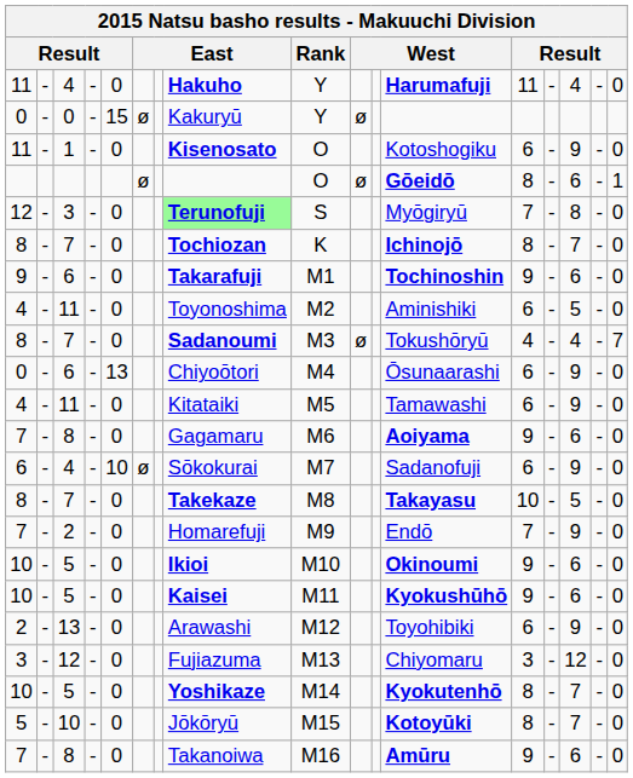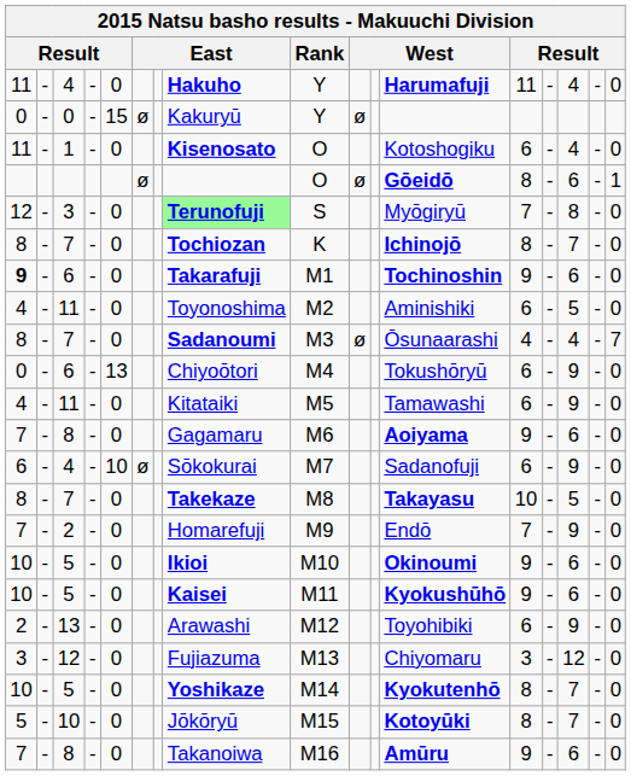 <table class="wikitable">
 <tr>
 <th colspan="17">2015 Natsu basho results - Makuuchi Division</th>
 </tr>
 <tr>
 <th colspan="5">Result</th>
 <th colspan="3">East</th>
 <th>Rank</th>
 <th colspan="3">West</th>
 <th colspan="5">Result</th>
 </tr>
 <tr>
 <td align=center>11</td>
 <td align=center>-</td>
 <td align=center>4</td>
 <td align=center>-</td>
 <td align=center>0</td>
 <td align=center></td>
 <td align=center></td>
 <td><strong><a href='#'>Hakuho</a></strong></td>
 <td align=center>Y</td>
 <td align=center></td>
 <td align=center></td>
 <td><strong><a href='#'>Harumafuji</a></strong></td>
 <td align=center>11</td>
 <td align=center>-</td>
 <td align=center>4</td>
 <td align=center>-</td>
 <td align=center>0</td>
 </tr>
 <tr>
 <td align=center>0</td>
 <td align=center>-</td>
 <td align=center>0</td>
 <td align=center>-</td>
 <td align=center>15</td>
 <td align=center>ø</td>
 <td align=center></td>
 <td><a href='#'>Kakuryū</a></td>
 <td align=center>Y</td>
 <td align=center>ø</td>
 <td align=center></td>
 <td></td>
 <td align=center></td>
 <td align=center></td>
 <td align=center></td>
 <td align=center></td>
 <td align=center></td>
 </tr>
 <tr>
 <td align=center>11</td>
 <td align=center>-</td>
 <td align=center>1</td>
 <td align=center>-</td>
 <td align=center>0</td>
 <td align=center></td>
 <td align=center></td>
 <td><strong><a href='#'>Kisenosato</a></strong></td>
 <td align=center>O</td>
 <td align=center></td>
 <td align=center></td>
 <td><a href='#'>Kotoshogiku</a></td>
 <td align=center>6</td>
 <td align=center>-</td>
-<td align=center>9</td>
+<td align=center>4</td>
 <td align=center>-</td>
 <td align=center>0</td>
 </tr>
 <tr>
 <td align=center></td>
 <td align=center></td>
 <td align=center></td>
 <td align=center></td>
 <td align=center></td>
 <td align=center>ø</td>
 <td align=center></td>
 <td></td>
 <td align=center>O</td>
 <td align=center>ø</td>
 <td align=center></td>
 <td><strong><a href='#'>Gōeidō</a></strong></td>
 <td align=center>8</td>
 <td align=center>-</td>
 <td align=center>6</td>
 <td align=center>-</td>
 <td align=center>1</td>
 </tr>
 <tr>
 <td align=center>12</td>
 <td align=center>-</td>
 <td align=center>3</td>
 <td align=center>-</td>
 <td align=center>0</td>
 <td align=center></td>
 <td align=center></td>
 <td style="background: PaleGreen;"><strong><a href='#'>Terunofuji</a></strong></td>
 <td align=center>S</td>
 <td align=center></td>
 <td align=center></td>
 <td><a href='#'>Myōgiryū</a></td>
 <td align=center>7</td>
 <td align=center>-</td>
 <td align=center>8</td>
 <td align=center>-</td>
 <td align=center>0</td>
 </tr>
 <tr>
 <td align=center>8</td>
 <td align=center>-</td>
 <td align=center>7</td>
 <td align=center>-</td>
 <td align=center>0</td>
 <td align=center></td>
 <td align=center></td>
 <td><strong><a href='#'>Tochiozan</a></strong></td>
 <td align=center>K</td>
 <td align=center></td>
 <td align=center></td>
 <td><strong><a href='#'>Ichinojō</a></strong></td>
 <td align=center>8</td>
 <td align=center>-</td>
 <td align=center>7</td>
 <td align=center>-</td>
 <td align=center>0</td>
 </tr>
 <tr>
-<td align=center>9</td>
+<td align=center><strong>9</strong></td>
 <td align=center>-</td>
 <td align=center>6</td>
 <td align=center>-</td>
 <td align=center>0</td>
 <td align=center></td>
 <td align=center></td>
 <td><strong><a href='#'>Takarafuji</a></strong></td>
 <td align=center>M1</td>
 <td align=center></td>
 <td align=center></td>
 <td><strong><a href='#'>Tochinoshin</a></strong></td>
 <td align=center>9</td>
 <td align=center>-</td>
 <td align=center>6</td>
 <td align=center>-</td>
 <td align=center>0</td>
 </tr>
 <tr>
 <td align=center>4</td>
 <td align=center>-</td>
 <td align=center>11</td>
 <td align=center>-</td>
 <td align=center>0</td>
 <td align=center></td>
 <td align=center></td>
 <td><a href='#'>Toyonoshima</a></td>
 <td align=center>M2</td>
 <td align=center></td>
 <td align=center></td>
 <td><a href='#'>Aminishiki</a></td>
 <td align=center>6</td>
 <td align=center>-</td>
 <td align=center>5</td>
 <td align=center>-</td>
 <td align=center>0</td>
 </tr>
 <tr>
 <td align=center>8</td>
 <td align=center>-</td>
 <td align=center>7</td>
 <td align=center>-</td>
 <td align=center>0</td>
 <td align=center></td>
 <td align=center></td>
 <td><strong><a href='#'>Sadanoumi</a></strong></td>
 <td align=center>M3</td>
 <td align=center>ø</td>
 <td align=center></td>
-<td><a href='#'>Tokushōryū</a></td>
+<td><a href='#'>Ōsunaarashi</a></td>
 <td align=center>4</td>
 <td align=center>-</td>
 <td align=center>4</td>
 <td align=center>-</td>
 <td align=center>7</td>
 </tr>
 <tr>
 <td align=center>0</td>
 <td align=center>-</td>
 <td align=center>6</td>
 <td align=center>-</td>
 <td align=center>13</td>
 <td align=center></td>
 <td align=center></td>
 <td><a href='#'>Chiyoōtori</a></td>
 <td align=center>M4</td>
 <td align=center></td>
 <td align=center></td>
-<td><a href='#'>Ōsunaarashi</a></td>
+<td><a href='#'>Tokushōryū</a></td>
 <td align=center>6</td>
 <td align=center>-</td>
 <td align=center>9</td>
 <td align=center>-</td>
 <td align=center>0</td>
 </tr>
 <tr>
 <td align=center>4</td>
 <td align=center>-</td>
 <td align=center>11</td>
 <td align=center>-</td>
 <td align=center>0</td>
 <td align=center></td>
 <td align=center></td>
 <td><a href='#'>Kitataiki</a></td>
 <td align=center>M5</td>
 <td align=center></td>
 <td align=center></td>
 <td><a href='#'>Tamawashi</a></td>
 <td align=center>6</td>
 <td align=center>-</td>
 <td align=center>9</td>
 <td align=center>-</td>
 <td align=center>0</td>
 </tr>
 <tr>
 <td align=center>7</td>
 <td align=center>-</td>
 <td align=center>8</td>
 <td align=center>-</td>
 <td align=center>0</td>
 <td align=center></td>
 <td align=center></td>
 <td><a href='#'>Gagamaru</a></td>
 <td align=center>M6</td>
 <td align=center></td>
 <td align=center></td>
 <td><strong><a href='#'>Aoiyama</a></strong></td>
 <td align=center>9</td>
 <td align=center>-</td>
 <td align=center>6</td>
 <td align=center>-</td>
 <td align=center>0</td>
 </tr>
 <tr>
 <td align=center>6</td>
 <td align=center>-</td>
 <td align=center>4</td>
 <td align=center>-</td>
 <td align=center>10</td>
 <td align=center>ø</td>
 <td align=center></td>
 <td><a href='#'>Sōkokurai</a></td>
 <td align=center>M7</td>
 <td align=center></td>
 <td align=center></td>
 <td><a href='#'>Sadanofuji</a></td>
 <td align=center>6</td>
 <td align=center>-</td>
 <td align=center>9</td>
 <td align=center>-</td>
 <td align=center>0</td>
 </tr>
 <tr>
 <td align=center>8</td>
 <td align=center>-</td>
 <td align=center>7</td>
 <td align=center>-</td>
 <td align=center>0</td>
 <td align=center></td>
 <td align=center></td>
 <td><strong><a href='#'>Takekaze</a></strong></td>
 <td align=center>M8</td>
 <td align=center></td>
 <td align=center></td>
 <td><strong><a href='#'>Takayasu</a></strong></td>
 <td align=center>10</td>
 <td align=center>-</td>
 <td align=center>5</td>
 <td align=center>-</td>
 <td align=center>0</td>
 </tr>
 <tr>
 <td align=center>7</td>
 <td align=center>-</td>
 <td align=center>2</td>
 <td align=center>-</td>
 <td align=center>0</td>
 <td align=center></td>
 <td align=center></td>
 <td><a href='#'>Homarefuji</a></td>
 <td align=center>M9</td>
 <td align=center></td>
 <td align=center></td>
 <td><a href='#'>Endō</a></td>
 <td align=center>7</td>
 <td align=center>-</td>
 <td align=center>9</td>
 <td align=center>-</td>
 <td align=center>0</td>
 </tr>
 <tr>
 <td align=center>10</td>
 <td align=center>-</td>
 <td align=center>5</td>
 <td align=center>-</td>
 <td align=center>0</td>
 <td align=center></td>
 <td align=center></td>
 <td><strong><a href='#'>Ikioi</a></strong></td>
 <td align=center>M10</td>
 <td align=center></td>
 <td align=center></td>
 <td><strong><a href='#'>Okinoumi</a></strong></td>
 <td align=center>9</td>
 <td align=center>-</td>
 <td align=center>6</td>
 <td align=center>-</td>
 <td align=center>0</td>
 </tr>
 <tr>
 <td align=center>10</td>
 <td align=center>-</td>
 <td align=center>5</td>
 <td align=center>-</td>
 <td align=center>0</td>
 <td align=center></td>
 <td align=center></td>
 <td><strong><a href='#'>Kaisei</a></strong></td>
 <td align=center>M11</td>
 <td align=center></td>
 <td align=center></td>
 <td><strong><a href='#'>Kyokushūhō</a></strong></td>
 <td align=center>9</td>
 <td align=center>-</td>
 <td align=center>6</td>
 <td align=center>-</td>
 <td align=center>0</td>
 </tr>
 <tr>
 <td align=center>2</td>
 <td align=center>-</td>
 <td align=center>13</td>
 <td align=center>-</td>
 <td align=center>0</td>
 <td align=center></td>
 <td align=center></td>
 <td><a href='#'>Arawashi</a></td>
 <td align=center>M12</td>
 <td align=center></td>
 <td align=center></td>
 <td><a href='#'>Toyohibiki</a></td>
 <td align=center>6</td>
 <td align=center>-</td>
 <td align=center>9</td>
 <td align=center>-</td>
 <td align=center>0</td>
 </tr>
 <tr>
 <td align=center>3</td>
 <td align=center>-</td>
 <td align=center>12</td>
 <td align=center>-</td>
 <td align=center>0</td>
 <td align=center></td>
 <td align=center></td>
 <td><a href='#'>Fujiazuma</a></td>
 <td align=center>M13</td>
 <td align=center></td>
 <td align=center></td>
 <td><a href='#'>Chiyomaru</a></td>
 <td align=center>3</td>
 <td align=center>-</td>
 <td align=center>12</td>
 <td align=center>-</td>
 <td align=center>0</td>
 </tr>
 <tr>
 <td align=center>10</td>
 <td align=center>-</td>
 <td align=center>5</td>
 <td align=center>-</td>
 <td align=center>0</td>
 <td align=center></td>
 <td align=center></td>
 <td><strong><a href='#'>Yoshikaze</a></strong></td>
 <td align=center>M14</td>
 <td align=center></td>
 <td align=center></td>
 <td><strong><a href='#'>Kyokutenhō</a></strong></td>
 <td align=center>8</td>
 <td align=center>-</td>
 <td align=center>7</td>
 <td align=center>-</td>
 <td align=center>0</td>
 </tr>
 <tr>
 <td align=center>5</td>
 <td align=center>-</td>
 <td align=center>10</td>
 <td align=center>-</td>
 <td align=center>0</td>
 <td align=center></td>
 <td align=center></td>
 <td><a href='#'>Jōkōryū</a></td>
 <td align=center>M15</td>
 <td align=center></td>
 <td align=center></td>
 <td><strong><a href='#'>Kotoyūki</a></strong></td>
 <td align=center>8</td>
 <td align=center>-</td>
 <td align=center>7</td>
 <td align=center>-</td>
 <td align=center>0</td>
 </tr>
 <tr>
 <td align=center>7</td>
 <td align=center>-</td>
 <td align=center>8</td>
 <td align=center>-</td>
 <td align=center>0</td>
 <td align=center></td>
 <td align=center></td>
 <td><a href='#'>Takanoiwa</a></td>
 <td align=center>M16</td>
 <td align=center></td>
 <td align=center></td>
 <td><strong><a href='#'>Amūru</a></strong></td>
 <td align=center>9</td>
 <td align=center>-</td>
 <td align=center>6</td>
 <td align=center>-</td>
 <td align=center>0</td>
 </tr>
 </table>
